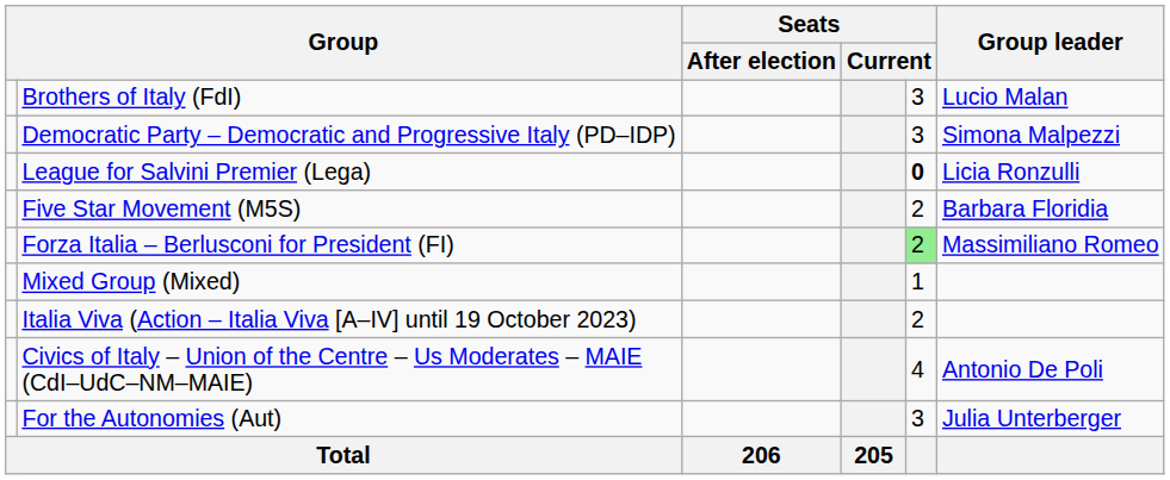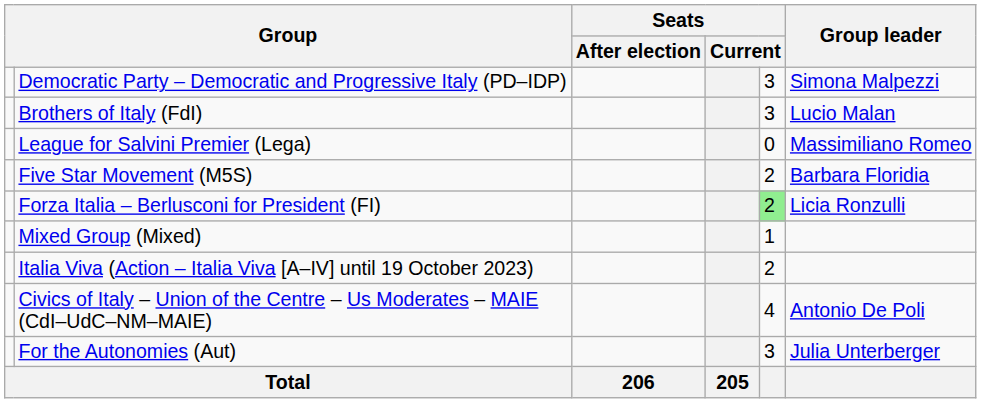 <table class="wikitable" style="text-align:right; font-size:90%;">
 <tr>
 <th colspan="2" rowspan="2">Group</th>
 <th colspan="3">Seats</th>
 <th rowspan="2">Group leader</th>
 </tr>
 <tr align="left">
 <th>After election</th>
 <th colspan="2">Current</th>
 </tr>
 <tr>
 <td style="background-color:"></td>
+<td align="left"><a href='#'>Democratic Party – Democratic and Progressive Italy</a> (PD–IDP)</td>
+<td></td>
+<th></th>
+<td align="left"> 3</td>
+<td align="left"><a href='#'>Simona Malpezzi</a></td>
+</tr>
+<tr>
+<td style="background-color:"></td>
 <td align="left"><a href='#'>Brothers of Italy</a> (FdI)</td>
 <td></td>
 <th></th>
 <td align="left"> 3</td>
 <td align="left"><a href='#'>Lucio Malan</a></td>
 </tr>
 <tr>
 <td style="background-color:"></td>
-<td align="left"><a href='#'>Democratic Party – Democratic and Progressive Italy</a> (PD–IDP)</td>
-<td></td>
-<th></th>
-<td align="left"> 3</td>
-<td align="left"><a href='#'>Simona Malpezzi</a></td>
-</tr>
-<tr>
-<td style="background-color:"></td>
 <td align="left"><a href='#'>League for Salvini Premier</a> (Lega)</td>
 <td></td>
 <th></th>
-<td align="left"><strong> 0</strong></td>
-<td align="left"><a href='#'>Licia Ronzulli</a></td>
+<td align="left"> 0</td>
+<td align="left"><a href='#'>Massimiliano Romeo</a></td>
 </tr>
 <tr>
 <td style="background-color:"></td>
 <td align="left"><a href='#'>Five Star Movement</a> (M5S)</td>
 <td></td>
 <th></th>
 <td align="left"> 2</td>
 <td align="left"><a href='#'>Barbara Floridia</a></td>
 </tr>
 <tr>
 <td style="background-color:"></td>
 <td align="left"><a href='#'>Forza Italia – Berlusconi for President</a> (FI)</td>
 <td></td>
 <th></th>
 <td align="left" style="background: lightgreen;"> 2</td>
-<td align="left"><a href='#'>Massimiliano Romeo</a></td>
+<td align="left"><a href='#'>Licia Ronzulli</a></td>
 </tr>
 <tr>
 <td style="background-color:"></td>
 <td align="left"><a href='#'>Mixed Group</a> (Mixed)</td>
 <td></td>
 <th></th>
 <td align="left"> 1</td>
 <td align="left"></td>
 </tr>
 <tr>
 <td style="background-color:"></td>
 <td align="left"><a href='#'>Italia Viva</a> (<a href='#'>Action – Italia Viva</a> [A–IV] until 19 October 2023)</td>
 <td></td>
 <th></th>
 <td align="left"> 2</td>
 <td align="left"></td>
 </tr>
 <tr>
 <td style="background-color:"></td>
 <td align="left"><a href='#'>Civics of Italy</a> – <a href='#'>Union of the Centre</a> – <a href='#'>Us Moderates</a> – <a href='#'>MAIE</a><br>(CdI–UdC–NM–MAIE)</td>
 <td></td>
 <th></th>
 <td align="left"> 4</td>
 <td align="left"><a href='#'>Antonio De Poli</a></td>
 </tr>
 <tr>
 <td style="background-color:"></td>
 <td align="left"><a href='#'>For the Autonomies</a> (Aut)</td>
 <td></td>
 <th></th>
 <td align="left"> 3</td>
 <td align="left"><a href='#'>Julia Unterberger</a></td>
 </tr>
 <tr>
 <th colspan="2" align="left">Total</th>
 <th>206</th>
 <th>205</th>
 <th align="left"></th>
 <th></th>
 </tr>
 </table>
